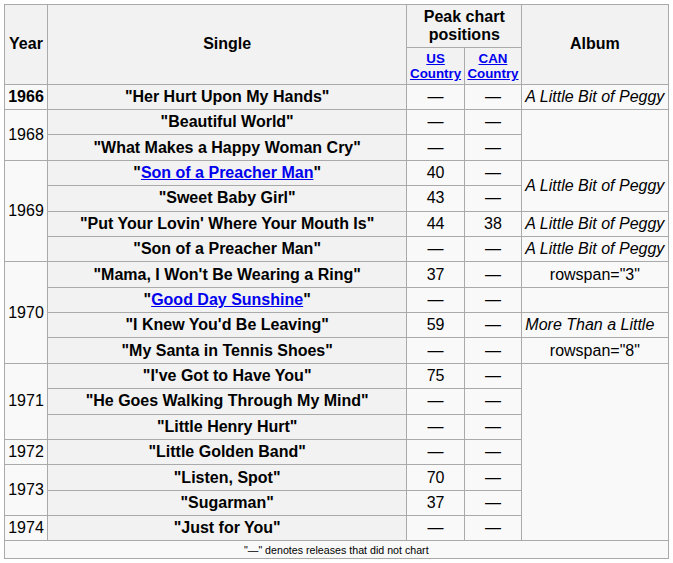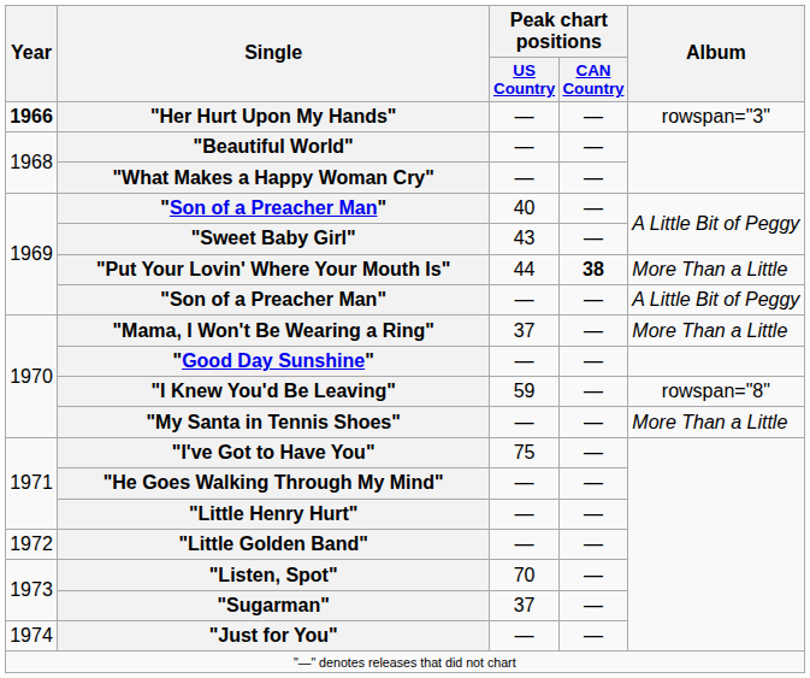 <table class="wikitable plainrowheaders" style="text-align:center;">
 <tr>
 <th rowspan="2">Year</th>
 <th rowspan="2" style="width:22em;">Single</th>
 <th colspan="2">Peak chart<br>positions</th>
 <th rowspan="2">Album</th>
 </tr>
 <tr style="font-size:smaller;">
 <th width="45"><a href='#'>US Country</a></th>
 <th width="45"><a href='#'>CAN Country</a></th>
 </tr>
 <tr>
 <td><strong>1966</strong></td>
 <th scope="row">"Her Hurt Upon My Hands"</th>
 <td>—</td>
 <td>—</td>
-<td align="left"><em>A Little Bit of Peggy</em></td>
+<td>rowspan="3" </td>
 </tr>
 <tr>
 <td rowspan="2">1968</td>
 <th scope="row">"Beautiful World"</th>
 <td>—</td>
 <td>—</td>
 </tr>
 <tr>
 <th scope="row">"What Makes a Happy Woman Cry"</th>
 <td>—</td>
 <td>—</td>
 </tr>
 <tr>
 <td rowspan="4">1969</td>
 <th scope="row">"<a href='#'>Son of a Preacher Man</a>"</th>
 <td>40</td>
 <td>—</td>
 <td rowspan="2" align="left"><em>A Little Bit of Peggy</em></td>
 </tr>
 <tr>
 <th scope="row">"Sweet Baby Girl"</th>
 <td>43</td>
 <td>—</td>
 </tr>
 <tr>
 <th scope="row">"Put Your Lovin' Where Your Mouth Is"</th>
 <td>44</td>
-<td>38</td>
-<td align="left"><em>A Little Bit of Peggy</em></td>
+<td><strong>38</strong></td>
+<td align="left"><em>More Than a Little</em></td>
 </tr>
 <tr>
 <th scope="row">"Son of a Preacher Man" </th>
 <td>—</td>
 <td>—</td>
 <td align="left"><em>A Little Bit of Peggy</em></td>
 </tr>
 <tr>
 <td rowspan="4">1970</td>
 <th scope="row">"Mama, I Won't Be Wearing a Ring"</th>
 <td>37</td>
 <td>—</td>
-<td>rowspan="3" </td>
+<td align="left"><em>More Than a Little</em></td>
 </tr>
 <tr>
 <th scope="row">"<a href='#'>Good Day Sunshine</a>" </th>
 <td>—</td>
 <td>—</td>
 <td></td>
 </tr>
 <tr>
 <th scope="row">"I Knew You'd Be Leaving"</th>
 <td>59</td>
 <td>—</td>
-<td align="left"><em>More Than a Little</em></td>
+<td>rowspan="8" </td>
 </tr>
 <tr>
 <th scope="row">"My Santa in Tennis Shoes"</th>
 <td>—</td>
 <td>—</td>
-<td>rowspan="8" </td>
+<td align="left"><em>More Than a Little</em></td>
 </tr>
 <tr>
 <td rowspan="3">1971</td>
 <th scope="row">"I've Got to Have You"</th>
 <td>75</td>
 <td>—</td>
 </tr>
 <tr>
 <th scope="row">"He Goes Walking Through My Mind"</th>
 <td>—</td>
 <td>—</td>
 </tr>
 <tr>
 <th scope="row">"Little Henry Hurt"</th>
 <td>—</td>
 <td>—</td>
 </tr>
 <tr>
 <td>1972</td>
 <th scope="row">"Little Golden Band"</th>
 <td>—</td>
 <td>—</td>
 </tr>
 <tr>
 <td rowspan="2">1973</td>
 <th scope="row">"Listen, Spot"</th>
 <td>70</td>
 <td>—</td>
 </tr>
 <tr>
 <th scope="row">"Sugarman"</th>
 <td>37</td>
 <td>—</td>
 </tr>
 <tr>
 <td>1974</td>
 <th scope="row">"Just for You"</th>
 <td>—</td>
 <td>—</td>
 </tr>
 <tr>
 <td colspan="5" style="font-size:8pt">"—" denotes releases that did not chart</td>
 </tr>
 <tr>
 </tr>
 </table>
